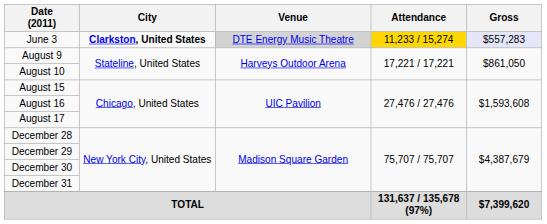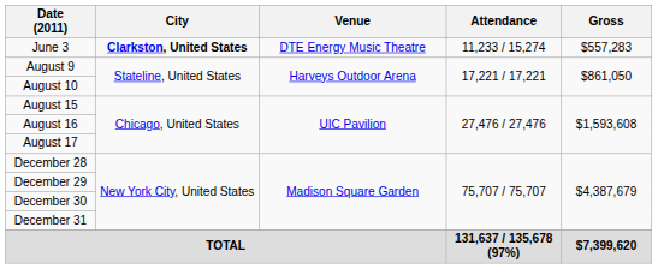 <table class="wikitable plainrowheaders" style="text-align:center;">
 <tr>
 <th scope="col" style="width:7em;">Date<br>(2011)</th>
 <th scope="col" style="width:13em;">City</th>
 <th scope="col" style="width:15em;">Venue</th>
 <th scope="col" style="width:9em;">Attendance</th>
 <th scope="col" style="width:7em;">Gross</th>
 </tr>
 <tr>
 <td>June 3</td>
 <td><strong><a href='#'>Clarkston</a>, United States</strong></td>
-<td style="background: lightgrey;"><a href='#'>DTE Energy Music Theatre</a></td>
-<td style="background: gold;">11,233 / 15,274</td>
-<td style="background: lavender;">$557,283</td>
+<td><a href='#'>DTE Energy Music Theatre</a></td>
+<td>11,233 / 15,274</td>
+<td>$557,283</td>
 </tr>
 <tr>
 <td>August 9</td>
 <td rowspan="2"><a href='#'>Stateline</a>, United States</td>
 <td rowspan="2"><a href='#'>Harveys Outdoor Arena</a></td>
 <td rowspan="2">17,221 / 17,221</td>
 <td rowspan="2">$861,050</td>
 </tr>
 <tr>
 <td>August 10</td>
 </tr>
 <tr>
 <td>August 15</td>
 <td rowspan="3"><a href='#'>Chicago</a>, United States</td>
 <td rowspan="3"><a href='#'>UIC Pavilion</a></td>
 <td rowspan="3">27,476 / 27,476</td>
 <td rowspan="3">$1,593,608</td>
 </tr>
 <tr>
 <td>August 16</td>
 </tr>
 <tr>
 <td>August 17</td>
 </tr>
 <tr>
 <td>December 28</td>
 <td rowspan="4"><a href='#'>New York City</a>, United States</td>
 <td rowspan="4"><a href='#'>Madison Square Garden</a></td>
 <td rowspan="4">75,707 / 75,707</td>
 <td rowspan="4">$4,387,679</td>
 </tr>
 <tr>
 <td>December 29</td>
 </tr>
 <tr>
 <td>December 30</td>
 </tr>
 <tr>
 <td>December 31</td>
 </tr>
 <tr>
 </tr>
 <tr style="background:#ddd;">
 <td colspan="3"><strong>TOTAL</strong></td>
 <td><strong>131,637 / 135,678 (97%)</strong></td>
 <td><strong>$7,399,620</strong></td>
 </tr>
 </table>
